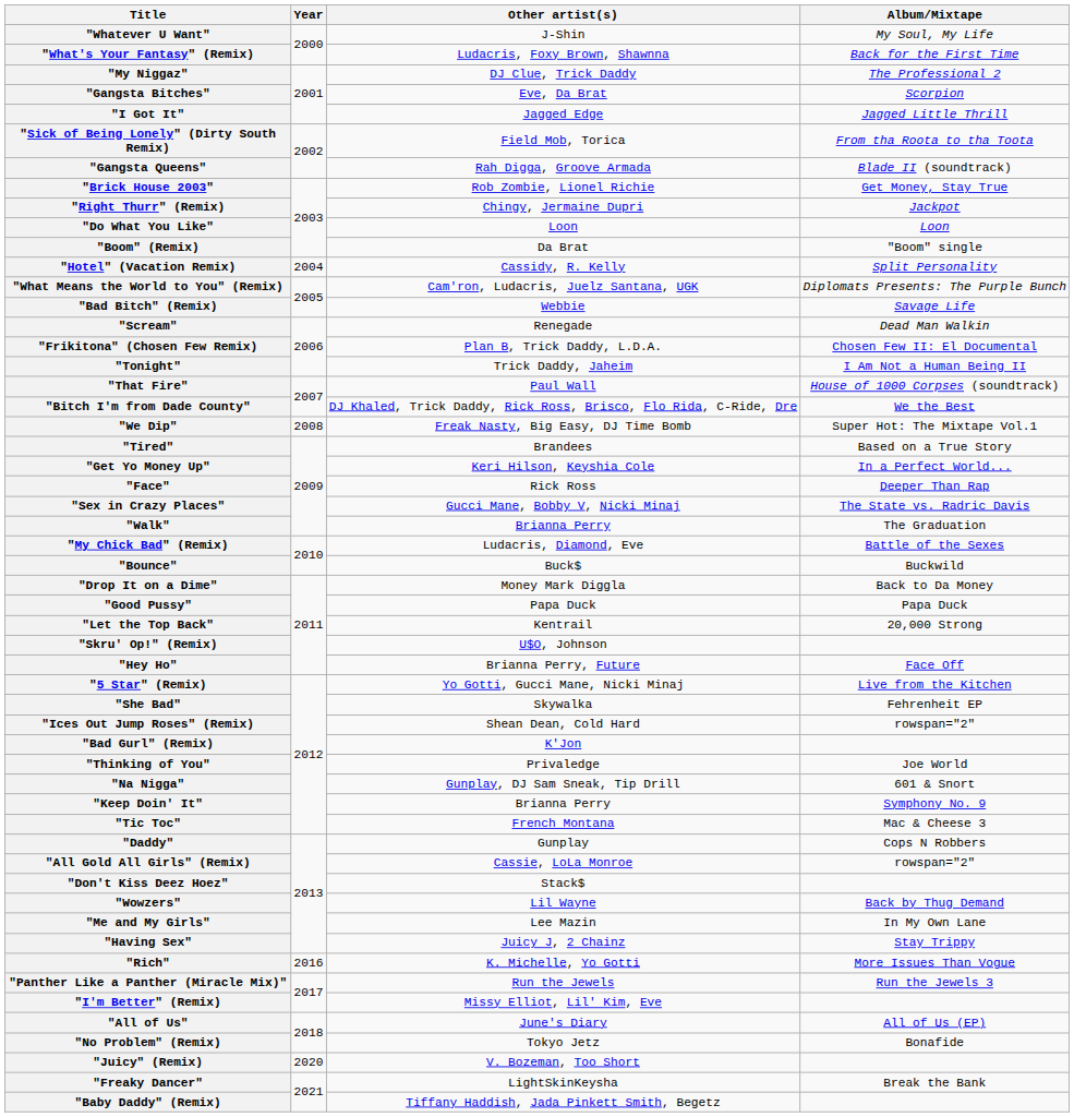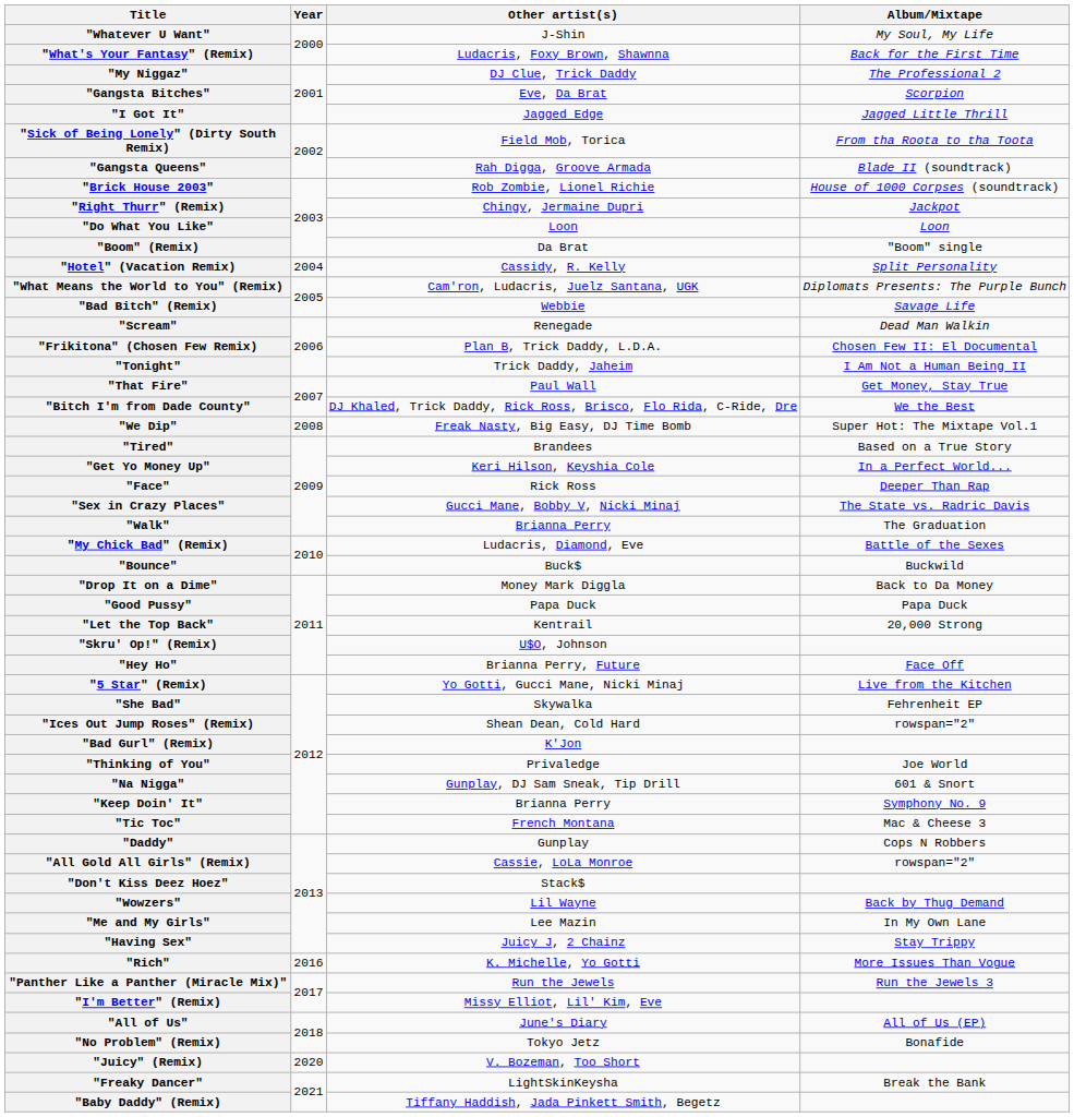 <table class="wikitable plainrowheaders" style="text-align:center;">
 <tr>
 <th scope="col" style="width:23em;">Title</th>
 <th scope="col">Year</th>
 <th scope="col">Other artist(s)</th>
 <th scope="col">Album/Mixtape</th>
 </tr>
 <tr>
 <th scope="row">"Whatever U Want"</th>
 <td rowspan="2">2000</td>
 <td>J-Shin</td>
 <td><em>My Soul, My Life</em></td>
 </tr>
 <tr>
 <th scope="row">"<a href='#'>What's Your Fantasy</a>" (Remix)</th>
 <td><a href='#'>Ludacris</a>, <a href='#'>Foxy Brown</a>, <a href='#'>Shawnna</a></td>
 <td><em><a href='#'>Back for the First Time</a></em></td>
 </tr>
 <tr>
 <th scope="row">"My Niggaz"</th>
 <td rowspan="3">2001</td>
 <td><a href='#'>DJ Clue</a>, <a href='#'>Trick Daddy</a></td>
 <td><em><a href='#'>The Professional 2</a></em></td>
 </tr>
 <tr>
 <th scope="row">"Gangsta Bitches"</th>
 <td><a href='#'>Eve</a>, <a href='#'>Da Brat</a></td>
 <td><em><a href='#'>Scorpion</a></em></td>
 </tr>
 <tr>
 <th scope="row">"I Got It"</th>
 <td><a href='#'>Jagged Edge</a></td>
 <td><em><a href='#'>Jagged Little Thrill</a></em></td>
 </tr>
 <tr>
 <th scope="row">"<a href='#'>Sick of Being Lonely</a>" (Dirty South Remix)</th>
 <td rowspan="2">2002</td>
 <td><a href='#'>Field Mob</a>, Torica</td>
 <td><em><a href='#'>From tha Roota to tha Toota</a></em></td>
 </tr>
 <tr>
 <th scope="row">"Gangsta Queens"</th>
 <td><a href='#'>Rah Digga</a>, <a href='#'>Groove Armada</a></td>
 <td><em><a href='#'>Blade II</a></em> (soundtrack)</td>
 </tr>
 <tr>
 <th scope="row">"<a href='#'>Brick House 2003</a>"</th>
 <td rowspan="4">2003</td>
 <td><a href='#'>Rob Zombie</a>, <a href='#'>Lionel Richie</a></td>
-<td></em><a href='#'>Get Money, Stay True</a><em></td>
+<td><em><a href='#'>House of 1000 Corpses</a></em> (soundtrack)</td>
 </tr>
 <tr>
 <th scope="row">"<a href='#'>Right Thurr</a>" (Remix)</th>
 <td><a href='#'>Chingy</a>, <a href='#'>Jermaine Dupri</a></td>
 <td><em><a href='#'>Jackpot</a></em></td>
 </tr>
 <tr>
 <th scope="row">"Do What You Like"</th>
 <td><a href='#'>Loon</a></td>
 <td><em><a href='#'>Loon</a></em></td>
 </tr>
 <tr>
 <th scope="row">"Boom" (Remix)</th>
 <td>Da Brat</td>
 <td>"Boom" single</td>
 </tr>
 <tr>
 <th scope="row">"<a href='#'>Hotel</a>" (Vacation Remix)</th>
 <td>2004</td>
 <td><a href='#'>Cassidy</a>, <a href='#'>R. Kelly</a></td>
 <td><em><a href='#'>Split Personality</a></em></td>
 </tr>
 <tr>
 <th scope="row">"What Means the World to You" (Remix)</th>
 <td rowspan="2">2005</td>
 <td><a href='#'>Cam'ron</a>, Ludacris, <a href='#'>Juelz Santana</a>, <a href='#'>UGK</a></td>
 <td><em>Diplomats Presents: The Purple Bunch</em></td>
 </tr>
 <tr>
 <th scope="row">"Bad Bitch" (Remix)</th>
 <td><a href='#'>Webbie</a></td>
 <td><em><a href='#'>Savage Life</a></em></td>
 </tr>
 <tr>
 <th scope="row">"Scream"</th>
 <td rowspan="3">2006</td>
 <td>Renegade</td>
 <td><em>Dead Man Walkin<strong></td>
 </tr>
 <tr>
 <th scope="row">"Frikitona" (Chosen Few Remix)</th>
 <td><a href='#'>Plan B</a>, Trick Daddy, L.D.A.</td>
 <td></em><a href='#'>Chosen Few II: El Documental</a><em></td>
 </tr>
 <tr>
 <th scope="row">"Tonight"</th>
 <td>Trick Daddy, <a href='#'>Jaheim</a></td>
 <td></em><a href='#'>I Am Not a Human Being II</a><em></td>
 </tr>
 <tr>
 <th scope="row">"That Fire"</th>
 <td rowspan="2">2007</td>
 <td><a href='#'>Paul Wall</a></td>
-<td><em><a href='#'>House of 1000 Corpses</a></em> (soundtrack)</td>
+<td></em><a href='#'>Get Money, Stay True</a><em></td>
 </tr>
 <tr>
 <th scope="row">"Bitch I'm from Dade County"</th>
 <td><a href='#'>DJ Khaled</a>, Trick Daddy, <a href='#'>Rick Ross</a>, <a href='#'>Brisco</a>, <a href='#'>Flo Rida</a>, C-Ride, <a href='#'>Dre</a></td>
 <td></em><a href='#'>We the Best</a><em></td>
 </tr>
 <tr>
 <th scope="row">"We Dip"</th>
 <td>2008</td>
 <td><a href='#'>Freak Nasty</a>, Big Easy, DJ Time Bomb</td>
 <td></em>Super Hot: The Mixtape Vol.1<em></td>
 </tr>
 <tr>
 <th scope="row">"Tired"</th>
 <td rowspan="5">2009</td>
 <td>Brandees</td>
 <td></em>Based on a True Story<em></td>
 </tr>
 <tr>
 <th scope="row">"Get Yo Money Up"</th>
 <td><a href='#'>Keri Hilson</a>, <a href='#'>Keyshia Cole</a></td>
 <td></em><a href='#'>In a Perfect World...</a><em></td>
 </tr>
 <tr>
 <th scope="row">"Face"</th>
 <td>Rick Ross</td>
 <td></em><a href='#'>Deeper Than Rap</a><em></td>
 </tr>
 <tr>
 <th scope="row">"Sex in Crazy Places"</th>
 <td><a href='#'>Gucci Mane</a>, <a href='#'>Bobby V</a>, <a href='#'>Nicki Minaj</a></td>
 <td></em><a href='#'>The State vs. Radric Davis</a><em></td>
 </tr>
 <tr>
 <th scope="row">"Walk"</th>
 <td><a href='#'>Brianna Perry</a></td>
 <td></em>The Graduation<em></td>
 </tr>
 <tr>
 <th scope="row">"<a href='#'>My Chick Bad</a>" (Remix)</th>
 <td rowspan="2">2010</td>
 <td>Ludacris, <a href='#'>Diamond</a>, Eve</td>
 <td></em><a href='#'>Battle of the Sexes</a><em></td>
 </tr>
 <tr>
 <th scope="row">"Bounce"</th>
 <td>Buck$</td>
 <td></em>Buckwild<em></td>
 </tr>
 <tr>
 <th scope="row">"Drop It on a Dime"</th>
 <td rowspan="5">2011</td>
 <td>Money Mark Diggla</td>
 <td></em>Back to Da Money<em></td>
 </tr>
 <tr>
 <th scope="row">"Good Pussy"</th>
 <td>Papa Duck</td>
 <td></em>Papa Duck<em></td>
 </tr>
 <tr>
 <th scope="row">"Let the Top Back"</th>
 <td>Kentrail</td>
 <td></em>20,000 Strong<em></td>
 </tr>
 <tr>
 <th scope="row">"Skru' Op!" (Remix)</th>
 <td><a href='#'>U$O</a>, Johnson</td>
 <td></td>
 </tr>
 <tr>
 <th scope="row">"Hey Ho"</th>
 <td>Brianna Perry, <a href='#'>Future</a></td>
 <td></em><a href='#'>Face Off</a><em></td>
 </tr>
 <tr>
 <th scope="row">"<a href='#'>5 Star</a>" (Remix)</th>
 <td rowspan="8">2012</td>
 <td><a href='#'>Yo Gotti</a>, Gucci Mane, Nicki Minaj</td>
 <td></em><a href='#'>Live from the Kitchen</a><em></td>
 </tr>
 <tr>
 <th scope="row">"She Bad"</th>
 <td>Skywalka</td>
 <td></em>Fehrenheit EP<em></td>
 </tr>
 <tr>
 <th scope="row">"Ices Out Jump Roses" (Remix)</th>
 <td>Shean Dean, Cold Hard</td>
 <td>rowspan="2" </td>
 </tr>
 <tr>
 <th scope="row">"Bad Gurl" (Remix)</th>
 <td><a href='#'>K'Jon</a></td>
 </tr>
 <tr>
 <th scope="row">"Thinking of You"</th>
 <td>Privaledge</td>
 <td></em>Joe World<em></td>
 </tr>
 <tr>
 <th scope="row">"Na Nigga"</th>
 <td><a href='#'>Gunplay</a>, DJ Sam Sneak, Tip Drill</td>
 <td></em>601 & Snort<em></td>
 </tr>
 <tr>
 <th scope="row">"Keep Doin' It"</th>
 <td>Brianna Perry</td>
 <td></em><a href='#'>Symphony No. 9</a><em></td>
 </tr>
 <tr>
 <th scope="row">"Tic Toc"</th>
 <td><a href='#'>French Montana</a></td>
 <td></em>Mac & Cheese 3<em></td>
 </tr>
 <tr>
 <th scope="row">"Daddy"</th>
 <td rowspan="6">2013</td>
 <td>Gunplay</td>
 <td></em>Cops N Robbers<em></td>
 </tr>
 <tr>
 <th scope="row">"All Gold All Girls" (Remix)</th>
 <td><a href='#'>Cassie</a>, <a href='#'>LoLa Monroe</a></td>
 <td>rowspan="2" </td>
 </tr>
 <tr>
 <th scope="row">"Don't Kiss Deez Hoez"</th>
 <td>Stack$</td>
 </tr>
 <tr>
 <th scope="row">"Wowzers"</th>
 <td><a href='#'>Lil Wayne</a></td>
 <td></em><a href='#'>Back by Thug Demand</a><em></td>
 </tr>
 <tr>
 <th scope="row">"Me and My Girls"</th>
 <td>Lee Mazin</td>
 <td></em>In My Own Lane<em></td>
 </tr>
 <tr>
 <th scope="row">"Having Sex"</th>
 <td><a href='#'>Juicy J</a>, <a href='#'>2 Chainz</a></td>
 <td></em><a href='#'>Stay Trippy</a><em></td>
 </tr>
 <tr>
 <th scope="row">"Rich"</th>
 <td>2016</td>
 <td><a href='#'>K. Michelle</a>, <a href='#'>Yo Gotti</a></td>
 <td></em><a href='#'>More Issues Than Vogue</a><em></td>
 </tr>
 <tr>
 <th scope="row">"Panther Like a Panther (Miracle Mix)"</th>
 <td rowspan="2">2017</td>
 <td><a href='#'>Run the Jewels</a></td>
 <td></em><a href='#'>Run the Jewels 3</a><em></td>
 </tr>
 <tr>
 <th scope="row">"<a href='#'>I'm Better</a>" (Remix)</th>
 <td><a href='#'>Missy Elliot</a>, <a href='#'>Lil' Kim</a>, <a href='#'>Eve</a></td>
 <td></td>
 </tr>
 <tr>
 <th scope="row">"All of Us"</th>
 <td rowspan="2">2018</td>
 <td><a href='#'>June's Diary</a></td>
 <td></em><a href='#'>All of Us (EP)</a><em></td>
 </tr>
 <tr>
 <th scope="row">"No Problem" (Remix)</th>
 <td>Tokyo Jetz</td>
 <td></em>Bonafide<em></td>
 </tr>
 <tr>
 <th scope="row">"Juicy" (Remix)</th>
 <td>2020</td>
 <td><a href='#'>V. Bozeman</a>, <a href='#'>Too Short</a></td>
 <td></td>
 </tr>
 <tr>
 <th scope="row">"Freaky Dancer"</th>
 <td rowspan="2">2021</td>
 <td>LightSkinKeysha</td>
 <td></em>Break the Bank<em></td>
 </tr>
 <tr>
 <th scope="row">"Baby Daddy" (Remix)</th>
 <td><a href='#'>Tiffany Haddish</a>, <a href='#'>Jada Pinkett Smith</a>, Begetz</td>
 <td></td>
 </tr>
 </table>
